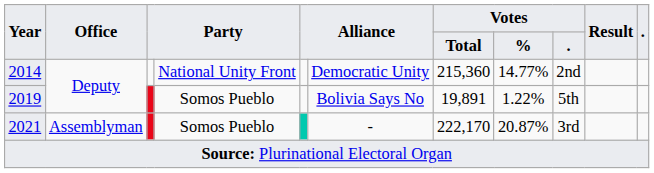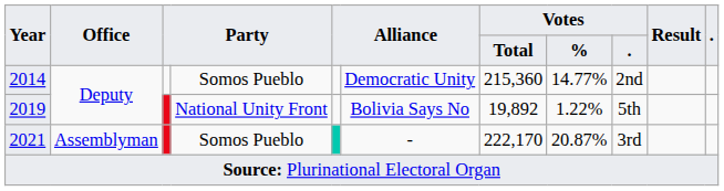 <table class="wikitable" style="font-size:90%; text-align:center;">
 <tr>
 <th style="background-color:#EAECF0;" rowspan=2>Year</th>
 <th style="background-color:#EAECF0;" rowspan=2>Office</th>
 <th style="background-color:#EAECF0;" colspan=2 rowspan=2>Party</th>
 <th style="background-color:#EAECF0;" colspan=2 rowspan=2>Alliance</th>
 <th style="background-color:#EAECF0;" colspan=3>Votes</th>
 <th style="background-color:#EAECF0;" rowspan=2>Result</th>
 <th style="background-color:#EAECF0;" rowspan=2>.</th>
 </tr>
 <tr>
 <th style="background-color:#EAECF0;">Total</th>
 <th style="background-color:#EAECF0;">%</th>
 <th style="background-color:#EAECF0;">.</th>
 </tr>
 <tr>
 <td style="background-color:#EAECF0;"><a href='#'>2014</a></td>
 <td rowspan=2><a href='#'>Deputy</a></td>
 <td style="background-color:"></td>
-<td><a href='#'>National Unity Front</a></td>
+<td>Somos Pueblo</td>
 <td style="background-color:"></td>
 <td><a href='#'>Democratic Unity</a></td>
 <td>215,360</td>
 <td>14.77%</td>
 <td>2nd</td>
 <td></td>
 <td></td>
 </tr>
 <tr>
 <td style="background-color:#EAECF0;"><a href='#'>2019</a></td>
 <td style="background-color:#EA0519;"></td>
-<td>Somos Pueblo</td>
+<td><a href='#'>National Unity Front</a></td>
 <td style="background-color:"></td>
 <td><a href='#'>Bolivia Says No</a></td>
-<td>19,891</td>
+<td>19,892</td>
 <td>1.22%</td>
 <td>5th</td>
 <td></td>
 <td></td>
 </tr>
 <tr>
 <td style="background-color:#EAECF0;"><a href='#'>2021</a></td>
 <td><a href='#'>Assemblyman</a></td>
 <td style="background-color:#EA0519;"></td>
 <td>Somos Pueblo</td>
 <td style="background-color:#01C9AF;"></td>
 <td>-</td>
 <td>222,170</td>
 <td>20.87%</td>
 <td>3rd</td>
 <td></td>
 <td></td>
 </tr>
 <tr>
 <td style="background-color:#EAECF0;" colspan=11><strong>Source:</strong> <a href='#'>Plurinational Electoral Organ</a>  </td>
 </tr>
 </table>
